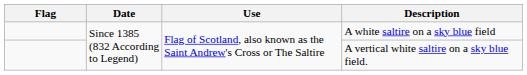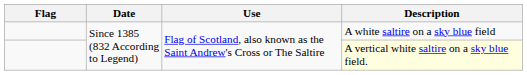 <table class="wikitable">
 <tr style="background:#efefef;">
 <th style="width:110px;">Flag</th>
 <th style="width:100px;">Date</th>
 <th style="width:250px;">Use</th>
 <th style="width:250px;">Description</th>
 </tr>
 <tr>
 <td></td>
 <td rowspan="2">Since 1385 (832 According to Legend)</td>
 <td rowspan="2"><a href='#'>Flag of Scotland</a>, also known as the <a href='#'>Saint Andrew</a>'s Cross or The Saltire</td>
 <td>A white <a href='#'>saltire</a> on a <a href='#'>sky blue</a> field</td>
 </tr>
 <tr>
 <td></td>
-<td>A vertical white <a href='#'>saltire</a> on a <a href='#'>sky blue</a> field.</td>
+<td style="background: lightyellow;">A vertical white <a href='#'>saltire</a> on a <a href='#'>sky blue</a> field.</td>
 </tr>
 </table>
